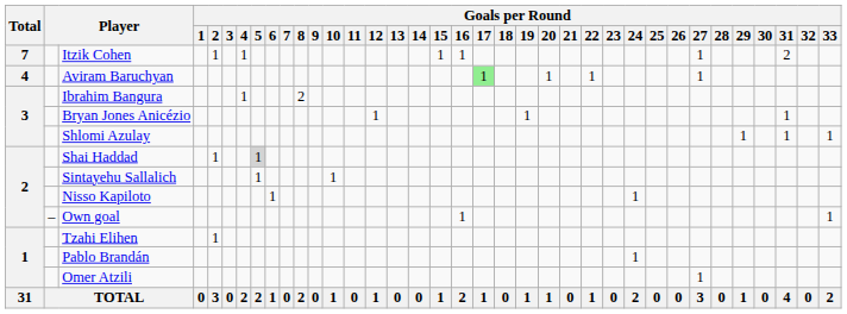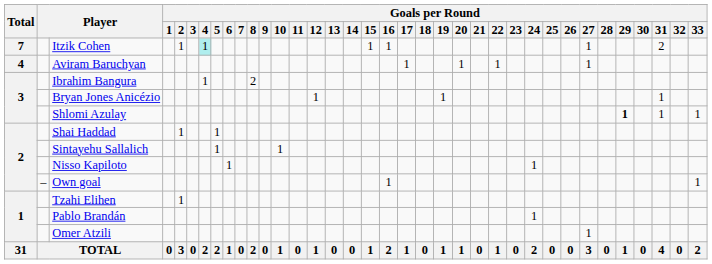 <table class="wikitable" style="text-align:center; line-height: 90%; font-size:90%;">
 <tr>
 <th rowspan=2>Total</th>
 <th rowspan=2 colspan=2>Player</th>
 <th colspan="34">Goals per Round</th>
 </tr>
 <tr>
 <th>1</th>
 <th>2</th>
 <th>3</th>
 <th>4</th>
 <th>5</th>
 <th>6</th>
 <th>7</th>
 <th>8</th>
 <th>9</th>
 <th>10</th>
 <th>11</th>
 <th>12</th>
 <th>13</th>
 <th>14</th>
 <th>15</th>
 <th>16</th>
 <th>17</th>
 <th>18</th>
 <th>19</th>
 <th>20</th>
 <th>21</th>
 <th>22</th>
 <th>23</th>
 <th>24</th>
 <th>25</th>
 <th>26</th>
 <th>27</th>
 <th>28</th>
 <th>29</th>
 <th>30</th>
 <th>31</th>
 <th>32</th>
 <th>33</th>
 </tr>
 <tr>
 <th rowspan=1>7</th>
 <td></td>
 <td style="text-align:left;"><a href='#'>Itzik Cohen</a></td>
 <td></td>
 <td>1</td>
 <td></td>
-<td>1</td>
+<td style="background: paleturquoise;">1</td>
 <td></td>
 <td></td>
 <td></td>
 <td></td>
 <td></td>
 <td></td>
 <td></td>
 <td></td>
 <td></td>
 <td></td>
 <td>1</td>
 <td>1</td>
 <td></td>
 <td></td>
 <td></td>
 <td></td>
 <td></td>
 <td></td>
 <td></td>
 <td></td>
 <td></td>
 <td></td>
 <td>1</td>
 <td></td>
 <td></td>
 <td></td>
 <td>2</td>
 <td></td>
 <td></td>
 </tr>
 <tr>
 <th rowspan=1>4</th>
 <td></td>
 <td style="text-align:left;"><a href='#'>Aviram Baruchyan</a></td>
 <td></td>
 <td></td>
 <td></td>
 <td></td>
 <td></td>
 <td></td>
 <td></td>
 <td></td>
 <td></td>
 <td></td>
 <td></td>
 <td></td>
 <td></td>
 <td></td>
 <td></td>
 <td></td>
-<td style="background: lightgreen;">1</td>
+<td>1</td>
 <td></td>
 <td></td>
 <td>1</td>
 <td></td>
 <td>1</td>
 <td></td>
 <td></td>
 <td></td>
 <td></td>
 <td>1</td>
 <td></td>
 <td></td>
 <td></td>
 <td></td>
 <td></td>
 <td></td>
 </tr>
 <tr>
 <th rowspan=3>3</th>
 <td></td>
 <td style="text-align:left;"><a href='#'>Ibrahim Bangura</a></td>
 <td></td>
 <td></td>
 <td></td>
 <td>1</td>
 <td></td>
 <td></td>
 <td></td>
 <td>2</td>
 <td></td>
 <td></td>
 <td></td>
 <td></td>
 <td></td>
 <td></td>
 <td></td>
 <td></td>
 <td></td>
 <td></td>
 <td></td>
 <td></td>
 <td></td>
 <td></td>
 <td></td>
 <td></td>
 <td></td>
 <td></td>
 <td></td>
 <td></td>
 <td></td>
 <td></td>
 <td></td>
 <td></td>
 <td></td>
 </tr>
 <tr>
 <td></td>
 <td style="text-align:left;"><a href='#'>Bryan Jones Anicézio</a></td>
 <td></td>
 <td></td>
 <td></td>
 <td></td>
 <td></td>
 <td></td>
 <td></td>
 <td></td>
 <td></td>
 <td></td>
 <td></td>
 <td>1</td>
 <td></td>
 <td></td>
 <td></td>
 <td></td>
 <td></td>
 <td></td>
 <td>1</td>
 <td></td>
 <td></td>
 <td></td>
 <td></td>
 <td></td>
 <td></td>
 <td></td>
 <td></td>
 <td></td>
 <td></td>
 <td></td>
 <td>1</td>
 <td></td>
 <td></td>
 </tr>
 <tr>
 <td></td>
 <td style="text-align:left;"><a href='#'>Shlomi Azulay</a></td>
 <td></td>
 <td></td>
 <td></td>
 <td></td>
 <td></td>
 <td></td>
 <td></td>
 <td></td>
 <td></td>
 <td></td>
 <td></td>
 <td></td>
 <td></td>
 <td></td>
 <td></td>
 <td></td>
 <td></td>
 <td></td>
 <td></td>
 <td></td>
 <td></td>
 <td></td>
 <td></td>
 <td></td>
 <td></td>
 <td></td>
 <td></td>
 <td></td>
-<td>1</td>
+<td><strong>1</strong></td>
 <td></td>
 <td>1</td>
 <td></td>
 <td>1</td>
 </tr>
 <tr>
 <th rowspan=4>2</th>
 <td></td>
 <td style="text-align:left;"><a href='#'>Shai Haddad</a></td>
 <td></td>
 <td>1</td>
 <td></td>
 <td></td>
-<td style="background: lightgrey;">1</td>
+<td>1</td>
 <td></td>
 <td></td>
 <td></td>
 <td></td>
 <td></td>
 <td></td>
 <td></td>
 <td></td>
 <td></td>
 <td></td>
 <td></td>
 <td></td>
 <td></td>
 <td></td>
 <td></td>
 <td></td>
 <td></td>
 <td></td>
 <td></td>
 <td></td>
 <td></td>
 <td></td>
 <td></td>
 <td></td>
 <td></td>
 <td></td>
 <td></td>
 <td></td>
 </tr>
 <tr>
 <td></td>
 <td style="text-align:left;"><a href='#'>Sintayehu Sallalich</a></td>
 <td></td>
 <td></td>
 <td></td>
 <td></td>
 <td>1</td>
 <td></td>
 <td></td>
 <td></td>
 <td></td>
 <td>1</td>
 <td></td>
 <td></td>
 <td></td>
 <td></td>
 <td></td>
 <td></td>
 <td></td>
 <td></td>
 <td></td>
 <td></td>
 <td></td>
 <td></td>
 <td></td>
 <td></td>
 <td></td>
 <td></td>
 <td></td>
 <td></td>
 <td></td>
 <td></td>
 <td></td>
 <td></td>
 <td></td>
 </tr>
 <tr>
 <td></td>
 <td style="text-align:left;"><a href='#'>Nisso Kapiloto</a></td>
 <td></td>
 <td></td>
 <td></td>
 <td></td>
 <td></td>
 <td>1</td>
 <td></td>
 <td></td>
 <td></td>
 <td></td>
 <td></td>
 <td></td>
 <td></td>
 <td></td>
 <td></td>
 <td></td>
 <td></td>
 <td></td>
 <td></td>
 <td></td>
 <td></td>
 <td></td>
 <td></td>
 <td>1</td>
 <td></td>
 <td></td>
 <td></td>
 <td></td>
 <td></td>
 <td></td>
 <td></td>
 <td></td>
 <td></td>
 </tr>
 <tr>
 <td>–</td>
 <td style="text-align:left;"><a href='#'>Own goal</a></td>
 <td></td>
 <td></td>
 <td></td>
 <td></td>
 <td></td>
 <td></td>
 <td></td>
 <td></td>
 <td></td>
 <td></td>
 <td></td>
 <td></td>
 <td></td>
 <td></td>
 <td></td>
 <td>1</td>
 <td></td>
 <td></td>
 <td></td>
 <td></td>
 <td></td>
 <td></td>
 <td></td>
 <td></td>
 <td></td>
 <td></td>
 <td></td>
 <td></td>
 <td></td>
 <td></td>
 <td></td>
 <td></td>
 <td>1</td>
 </tr>
 <tr>
 <th rowspan=3>1</th>
 <td></td>
 <td style="text-align:left;"><a href='#'>Tzahi Elihen</a></td>
 <td></td>
 <td>1</td>
 <td></td>
 <td></td>
 <td></td>
 <td></td>
 <td></td>
 <td></td>
 <td></td>
 <td></td>
 <td></td>
 <td></td>
 <td></td>
 <td></td>
 <td></td>
 <td></td>
 <td></td>
 <td></td>
 <td></td>
 <td></td>
 <td></td>
 <td></td>
 <td></td>
 <td></td>
 <td></td>
 <td></td>
 <td></td>
 <td></td>
 <td></td>
 <td></td>
 <td></td>
 <td></td>
 <td></td>
 </tr>
 <tr>
 <td></td>
 <td style="text-align:left;"><a href='#'>Pablo Brandán</a></td>
 <td></td>
 <td></td>
 <td></td>
 <td></td>
 <td></td>
 <td></td>
 <td></td>
 <td></td>
 <td></td>
 <td></td>
 <td></td>
 <td></td>
 <td></td>
 <td></td>
 <td></td>
 <td></td>
 <td></td>
 <td></td>
 <td></td>
 <td></td>
 <td></td>
 <td></td>
 <td></td>
 <td>1</td>
 <td></td>
 <td></td>
 <td></td>
 <td></td>
 <td></td>
 <td></td>
 <td></td>
 <td></td>
 <td></td>
 </tr>
 <tr>
 <td></td>
 <td style="text-align:left;"><a href='#'>Omer Atzili</a></td>
 <td></td>
 <td></td>
 <td></td>
 <td></td>
 <td></td>
 <td></td>
 <td></td>
 <td></td>
 <td></td>
 <td></td>
 <td></td>
 <td></td>
 <td></td>
 <td></td>
 <td></td>
 <td></td>
 <td></td>
 <td></td>
 <td></td>
 <td></td>
 <td></td>
 <td></td>
 <td></td>
 <td></td>
 <td></td>
 <td></td>
 <td>1</td>
 <td></td>
 <td></td>
 <td></td>
 <td></td>
 <td></td>
 <td></td>
 </tr>
 <tr>
 <th rowspan=1>31</th>
 <th colspan=2>TOTAL</th>
 <th style="text-align:center;">0</th>
 <th>3</th>
 <th>0</th>
 <th>2</th>
 <th>2</th>
 <th>1</th>
 <th>0</th>
 <th>2</th>
 <th>0</th>
 <th>1</th>
 <th>0</th>
 <th>1</th>
 <th>0</th>
 <th>0</th>
 <th>1</th>
 <th>2</th>
 <th>1</th>
 <th>0</th>
 <th>1</th>
 <th>1</th>
 <th>0</th>
 <th>1</th>
 <th>0</th>
 <th>2</th>
 <th>0</th>
 <th>0</th>
 <th>3</th>
 <th>0</th>
 <th>1</th>
 <th>0</th>
 <th>4</th>
 <th>0</th>
 <th>2</th>
 </tr>
 </table>
